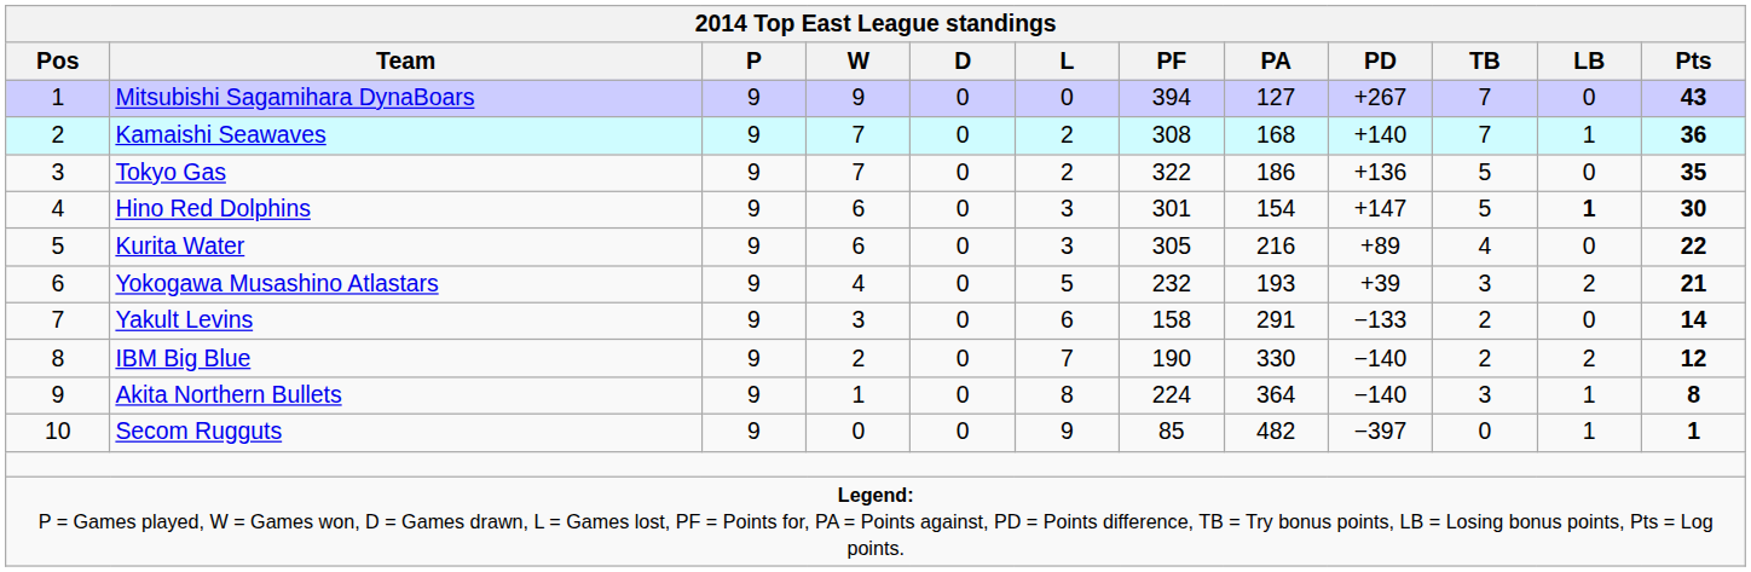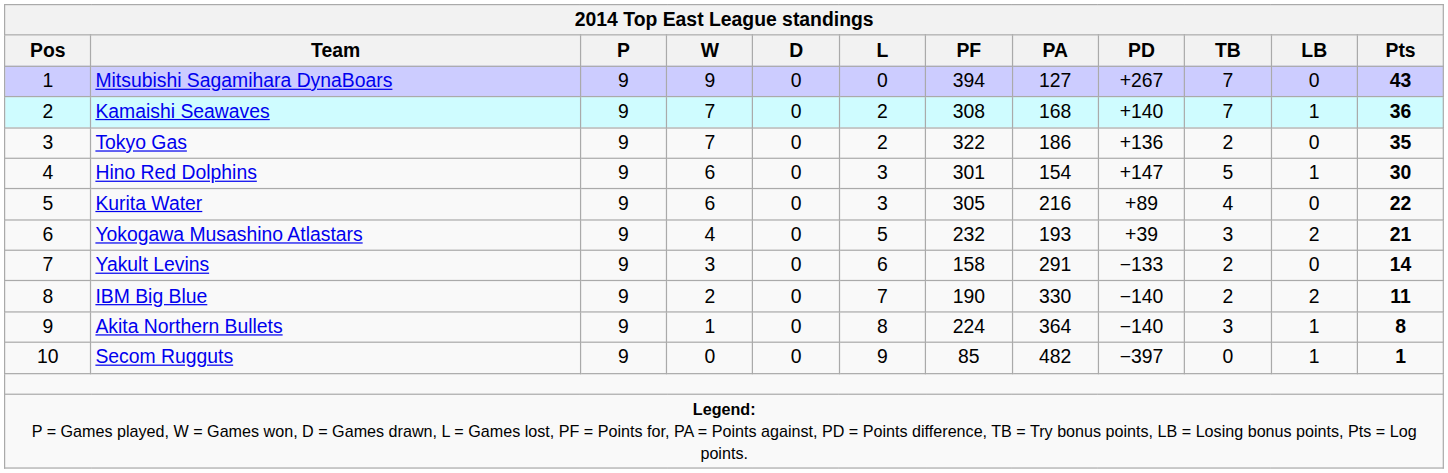 <table class="wikitable" style="text-align:center; font-size:100%; width:60%;">
 <tr>
 <th colspan="100%" cellpadding="0" cellspacing="0"><strong>2014 Top East League standings</strong></th>
 </tr>
 <tr>
 <th style="width:6%;">Pos</th>
 <th style="width:34%;">Team</th>
 <th style="width:6%;">P</th>
 <th style="width:6%;">W</th>
 <th style="width:6%;">D</th>
 <th style="width:6%;">L</th>
 <th style="width:6%;">PF</th>
 <th style="width:6%;">PA</th>
 <th style="width:6%;">PD</th>
 <th style="width:6%;">TB</th>
 <th style="width:6%;">LB</th>
 <th style="width:6%;">Pts<br></th>
 </tr>
 <tr style="background:#CCCCFF;">
 <td>1</td>
 <td style="text-align:left;"><a href='#'>Mitsubishi Sagamihara DynaBoars</a></td>
 <td>9</td>
 <td>9</td>
 <td>0</td>
 <td>0</td>
 <td>394</td>
 <td>127</td>
 <td>+267</td>
 <td>7</td>
 <td>0</td>
 <td><strong>43</strong></td>
 </tr>
 <tr style="background:#CFFCFF;">
 <td>2</td>
 <td style="text-align:left;"><a href='#'>Kamaishi Seawaves</a></td>
 <td>9</td>
 <td>7</td>
 <td>0</td>
 <td>2</td>
 <td>308</td>
 <td>168</td>
 <td>+140</td>
 <td>7</td>
 <td>1</td>
 <td><strong>36</strong></td>
 </tr>
 <tr>
 <td>3</td>
 <td style="text-align:left;"><a href='#'>Tokyo Gas</a></td>
 <td>9</td>
 <td>7</td>
 <td>0</td>
 <td>2</td>
 <td>322</td>
 <td>186</td>
 <td>+136</td>
-<td>5</td>
+<td>2</td>
 <td>0</td>
 <td><strong>35</strong></td>
 </tr>
 <tr>
 <td>4</td>
 <td style="text-align:left;"><a href='#'>Hino Red Dolphins</a></td>
 <td>9</td>
 <td>6</td>
 <td>0</td>
 <td>3</td>
 <td>301</td>
 <td>154</td>
 <td>+147</td>
 <td>5</td>
-<td><strong>1</strong></td>
+<td>1</td>
 <td><strong>30</strong></td>
 </tr>
 <tr>
 <td>5</td>
 <td style="text-align:left;"><a href='#'>Kurita Water</a></td>
 <td>9</td>
 <td>6</td>
 <td>0</td>
 <td>3</td>
 <td>305</td>
 <td>216</td>
 <td>+89</td>
 <td>4</td>
 <td>0</td>
 <td><strong>22</strong></td>
 </tr>
 <tr>
 <td>6</td>
 <td style="text-align:left;"><a href='#'>Yokogawa Musashino Atlastars</a></td>
 <td>9</td>
 <td>4</td>
 <td>0</td>
 <td>5</td>
 <td>232</td>
 <td>193</td>
 <td>+39</td>
 <td>3</td>
 <td>2</td>
 <td><strong>21</strong></td>
 </tr>
 <tr>
 <td>7</td>
 <td style="text-align:left;"><a href='#'>Yakult Levins</a></td>
 <td>9</td>
 <td>3</td>
 <td>0</td>
 <td>6</td>
 <td>158</td>
 <td>291</td>
 <td>−133</td>
 <td>2</td>
 <td>0</td>
 <td><strong>14</strong></td>
 </tr>
 <tr>
 <td>8</td>
 <td style="text-align:left;"><a href='#'>IBM Big Blue</a></td>
 <td>9</td>
 <td>2</td>
 <td>0</td>
 <td>7</td>
 <td>190</td>
 <td>330</td>
 <td>−140</td>
 <td>2</td>
 <td>2</td>
-<td><strong>12</strong></td>
+<td><strong>11</strong></td>
 </tr>
 <tr>
 <td>9</td>
 <td style="text-align:left;"><a href='#'>Akita Northern Bullets</a></td>
 <td>9</td>
 <td>1</td>
 <td>0</td>
 <td>8</td>
 <td>224</td>
 <td>364</td>
 <td>−140</td>
 <td>3</td>
 <td>1</td>
 <td><strong>8</strong></td>
 </tr>
 <tr>
 <td>10</td>
 <td style="text-align:left;"><a href='#'>Secom Rugguts</a></td>
 <td>9</td>
 <td>0</td>
 <td>0</td>
 <td>9</td>
 <td>85</td>
 <td>482</td>
 <td>−397</td>
 <td>0</td>
 <td>1</td>
 <td><strong>1</strong></td>
 </tr>
 <tr>
 <td colspan="100%" style="height:10px;"></td>
 </tr>
 <tr>
 <td colspan="100%"><small><strong>Legend:</strong> <br> P = Games played, W = Games won, D = Games drawn, L = Games lost, PF = Points for, PA = Points against, PD = Points difference, TB = Try bonus points, LB = Losing bonus points, Pts = Log points.</small></td>
 </tr>
 </table>
